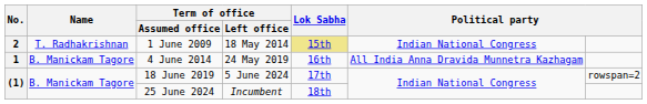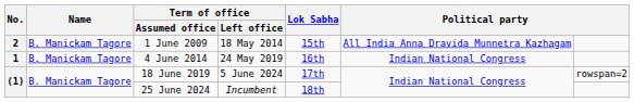 <table class="wikitable sortable" style="text-align:center">
 <tr>
 <th rowspan=2>No.</th>
 <th rowspan=2>Name</th>
 <th colspan=2>Term of office</th>
 <th rowspan=2><a href='#'>Lok Sabha</a><br></th>
 <th rowspan=2 colspan=2>Political party</th>
 </tr>
 <tr>
 <th>Assumed office</th>
 <th>Left office</th>
 </tr>
 <tr>
 <th>2</th>
-<td><a href='#'>T. Radhakrishnan</a></td>
+<td><a href='#'>B. Manickam Tagore</a></td>
 <td>1 June 2009</td>
 <td>18 May 2014</td>
-<td style="background: khaki;"><a href='#'>15th</a><br></td>
-<td><a href='#'>Indian National Congress</a></td>
+<td><a href='#'>15th</a><br></td>
+<td><a href='#'>All India Anna Dravida Munnetra Kazhagam</a></td>
 <td></td>
 </tr>
 <tr>
 <th>1</th>
 <td><a href='#'>B. Manickam Tagore</a></td>
 <td>4 June 2014</td>
 <td>24 May 2019</td>
 <td><a href='#'>16th</a><br></td>
-<td><a href='#'>All India Anna Dravida Munnetra Kazhagam</a></td>
+<td><a href='#'>Indian National Congress</a></td>
 <td></td>
 </tr>
 <tr>
 <th rowspan=2>(1)</th>
 <td rowspan=2><a href='#'>B. Manickam Tagore</a></td>
 <td>18 June 2019</td>
 <td>5 June 2024</td>
 <td><a href='#'>17th</a><br></td>
 <td rowspan=2><a href='#'>Indian National Congress</a></td>
 <td>rowspan=2 </td>
 </tr>
 <tr>
 <td>25 June 2024</td>
 <td><em>Incumbent</em></td>
 <td><a href='#'>18th</a><br></td>
 </tr>
 </table>
